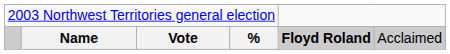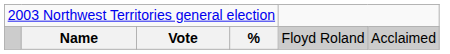 <table class="wikitable">
 <tr>
 <td colspan=4 align=center><a href='#'>2003 Northwest Territories general election</a></td>
 </tr>
 <tr bgcolor="CCCCCC">
 <td></td>
 <th>Name</th>
 <th>Vote</th>
 <th>%<br></th>
-<td><strong>Floyd Roland</strong></td>
+<td>Floyd Roland</td>
 <td colspan="2" align=center>Acclaimed</td>
 </tr>
 </table>
